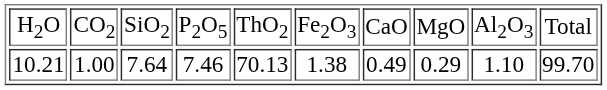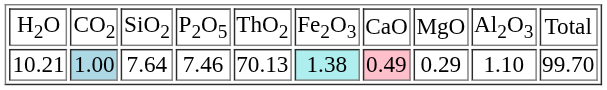 <table align="center" border="1">
 <tr>
 <td align="center">H<sub>2</sub>O</td>
 <td align="center">CO<sub>2</sub></td>
 <td align="center">SiO<sub>2</sub></td>
 <td align="center">P<sub>2</sub>O<sub>5</sub></td>
 <td align="center">ThO<sub>2</sub></td>
 <td align="center">Fe<sub>2</sub>O<sub>3</sub></td>
 <td align="center">CaO</td>
 <td align="center">MgO</td>
 <td align="center">Al<sub>2</sub>O<sub>3</sub></td>
 <td align="center">Total</td>
 </tr>
 <tr>
 <td align="center">10.21</td>
-<td align="center">1.00</td>
+<td align="center" style="background: lightblue;">1.00</td>
 <td align="center">7.64</td>
 <td align="center">7.46</td>
 <td align="center">70.13</td>
-<td align="center">1.38</td>
-<td align="center">0.49</td>
+<td align="center" style="background: paleturquoise;">1.38</td>
+<td align="center" style="background: pink;">0.49</td>
 <td align="center">0.29</td>
 <td align="center">1.10</td>
 <td align="center">99.70</td>
 </tr>
 </table>
